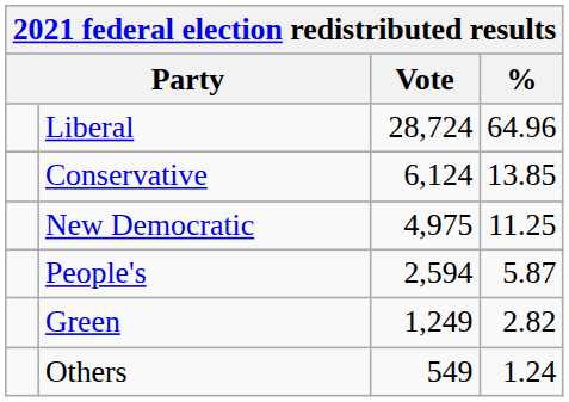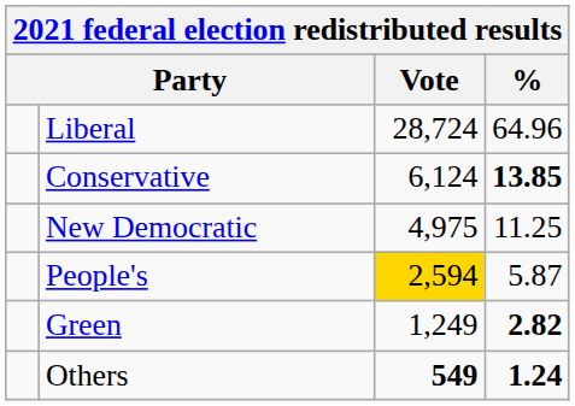 <table class="wikitable">
 <tr>
 <th colspan="4"><a href='#'>2021 federal election</a> redistributed results</th>
 </tr>
 <tr>
 <th bgcolor="#DDDDFF" width="130px" colspan="2">Party</th>
 <th bgcolor="#DDDDFF" width="50px">Vote</th>
 <th bgcolor="#DDDDFF" width="30px">%</th>
 </tr>
 <tr>
 <td> </td>
 <td><a href='#'>Liberal</a></td>
 <td align=right>28,724</td>
 <td align=right>64.96</td>
 </tr>
 <tr>
 <td> </td>
 <td><a href='#'>Conservative</a></td>
 <td align=right>6,124</td>
-<td align=right>13.85</td>
+<td align=right><strong>13.85</strong></td>
 </tr>
 <tr>
 <td> </td>
 <td><a href='#'>New Democratic</a></td>
 <td align=right>4,975</td>
 <td align=right>11.25</td>
 </tr>
 <tr>
 <td> </td>
 <td><a href='#'>People's</a></td>
-<td align=right>2,594</td>
+<td align=right style="background: gold;">2,594</td>
 <td align=right>5.87</td>
 </tr>
 <tr>
 <td> </td>
 <td><a href='#'>Green</a></td>
 <td align=right>1,249</td>
-<td align=right>2.82</td>
+<td align=right><strong>2.82</strong></td>
 </tr>
 <tr>
 <td> </td>
 <td>Others</td>
-<td align=right>549</td>
-<td align=right>1.24</td>
+<td align=right><strong>549</strong></td>
+<td align=right><strong>1.24</strong></td>
 </tr>
 </table>
